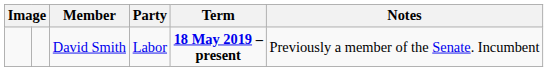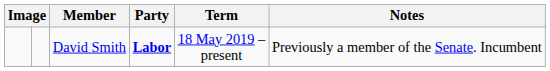 <table class=wikitable style="text-align:center">
 <tr>
 <th colspan=2>Image</th>
 <th>Member</th>
 <th>Party</th>
 <th>Term</th>
 <th>Notes</th>
 </tr>
 <tr>
 <td> </td>
 <td></td>
 <td><a href='#'>David Smith</a><br></td>
-<td><a href='#'>Labor</a></td>
-<td nowrap><strong><a href='#'>18 May 2019</a> –<br>present</strong></td>
+<td><strong><a href='#'>Labor</a></strong></td>
+<td nowrap><a href='#'>18 May 2019</a> –<br>present</td>
 <td>Previously a member of the <a href='#'>Senate</a>. Incumbent</td>
 </tr>
 </table>
